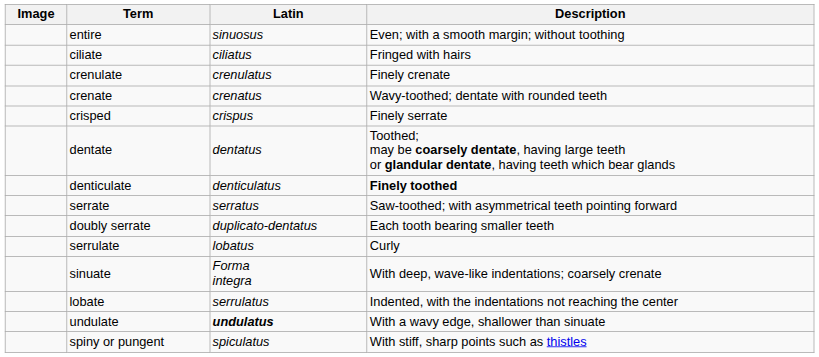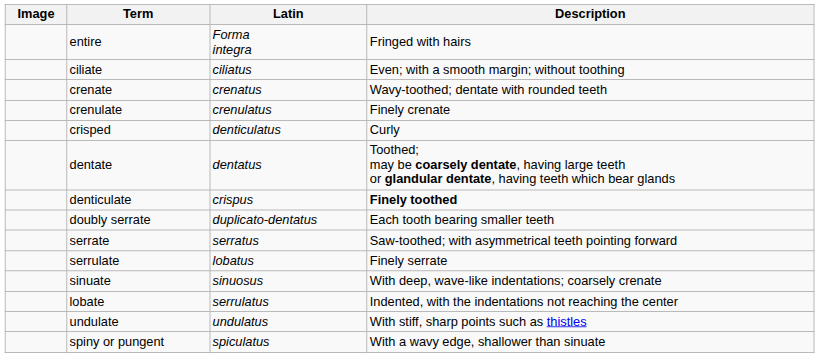 <table class="wikitable sortable mw-collapsible" style="margin:auto; width:80%">
 <tr>
 <th scope="col" class="unsortable">Image</th>
 <th scope="col">Term</th>
 <th scope="col">Latin</th>
 <th scope="col">Description</th>
 </tr>
 <tr>
 <td></td>
 <td>entire</td>
-<td><em>sinuosus</em></td>
-<td>Even; with a smooth margin; without toothing</td>
+<td><em>Forma</em><br><em>integra</em></td>
+<td>Fringed with hairs</td>
 </tr>
 <tr>
 <td></td>
 <td>ciliate</td>
 <td><em>ciliatus</em></td>
-<td>Fringed with hairs</td>
+<td>Even; with a smooth margin; without toothing</td>
+</tr>
+<tr>
+<td></td>
+<td>crenate</td>
+<td><em>crenatus</em></td>
+<td>Wavy-toothed; dentate with rounded teeth</td>
 </tr>
 <tr>
 <td></td>
 <td>crenulate</td>
 <td><em>crenulatus</em></td>
 <td>Finely crenate</td>
 </tr>
 <tr>
 <td></td>
-<td>crenate</td>
-<td><em>crenatus</em></td>
-<td>Wavy-toothed; dentate with rounded teeth</td>
-</tr>
-<tr>
-<td></td>
 <td>crisped</td>
-<td><em>crispus</em></td>
-<td>Finely serrate</td>
+<td><em>denticulatus</em></td>
+<td>Curly</td>
 </tr>
 <tr>
 <td></td>
 <td>dentate</td>
 <td><em>dentatus</em></td>
 <td>Toothed;<br>may be <strong>coarsely dentate</strong>, having large teeth<br>or <strong>glandular dentate</strong>, having teeth which bear glands</td>
 </tr>
 <tr>
 <td></td>
 <td>denticulate</td>
-<td><em>denticulatus</em></td>
+<td><em>crispus</em></td>
 <td><strong>Finely toothed</strong></td>
+</tr>
+<tr>
+<td></td>
+<td>doubly serrate</td>
+<td><em>duplicato-dentatus</em></td>
+<td>Each tooth bearing smaller teeth</td>
 </tr>
 <tr>
 <td></td>
 <td>serrate</td>
 <td><em>serratus</em></td>
 <td>Saw-toothed; with asymmetrical teeth pointing forward</td>
 </tr>
 <tr>
 <td></td>
-<td>doubly serrate</td>
-<td><em>duplicato-dentatus</em></td>
-<td>Each tooth bearing smaller teeth</td>
-</tr>
-<tr>
-<td></td>
 <td>serrulate</td>
 <td><em>lobatus</em></td>
-<td>Curly</td>
+<td>Finely serrate</td>
 </tr>
 <tr>
 <td></td>
 <td>sinuate</td>
-<td><em>Forma</em><br><em>integra</em></td>
+<td><em>sinuosus</em></td>
 <td>With deep, wave-like indentations; coarsely crenate</td>
 </tr>
 <tr>
 <td></td>
 <td>lobate</td>
 <td><em>serrulatus</em></td>
 <td>Indented, with the indentations not reaching the center</td>
 </tr>
 <tr>
 <td></td>
 <td>undulate</td>
-<td><strong><em>undulatus</em></strong></td>
-<td>With a wavy edge, shallower than sinuate</td>
+<td><em>undulatus</em></td>
+<td>With stiff, sharp points such as <a href='#'>thistles</a></td>
 </tr>
 <tr>
 <td></td>
 <td>spiny or pungent</td>
 <td><em>spiculatus</em></td>
-<td>With stiff, sharp points such as <a href='#'>thistles</a></td>
+<td>With a wavy edge, shallower than sinuate</td>
 </tr>
 </table>
